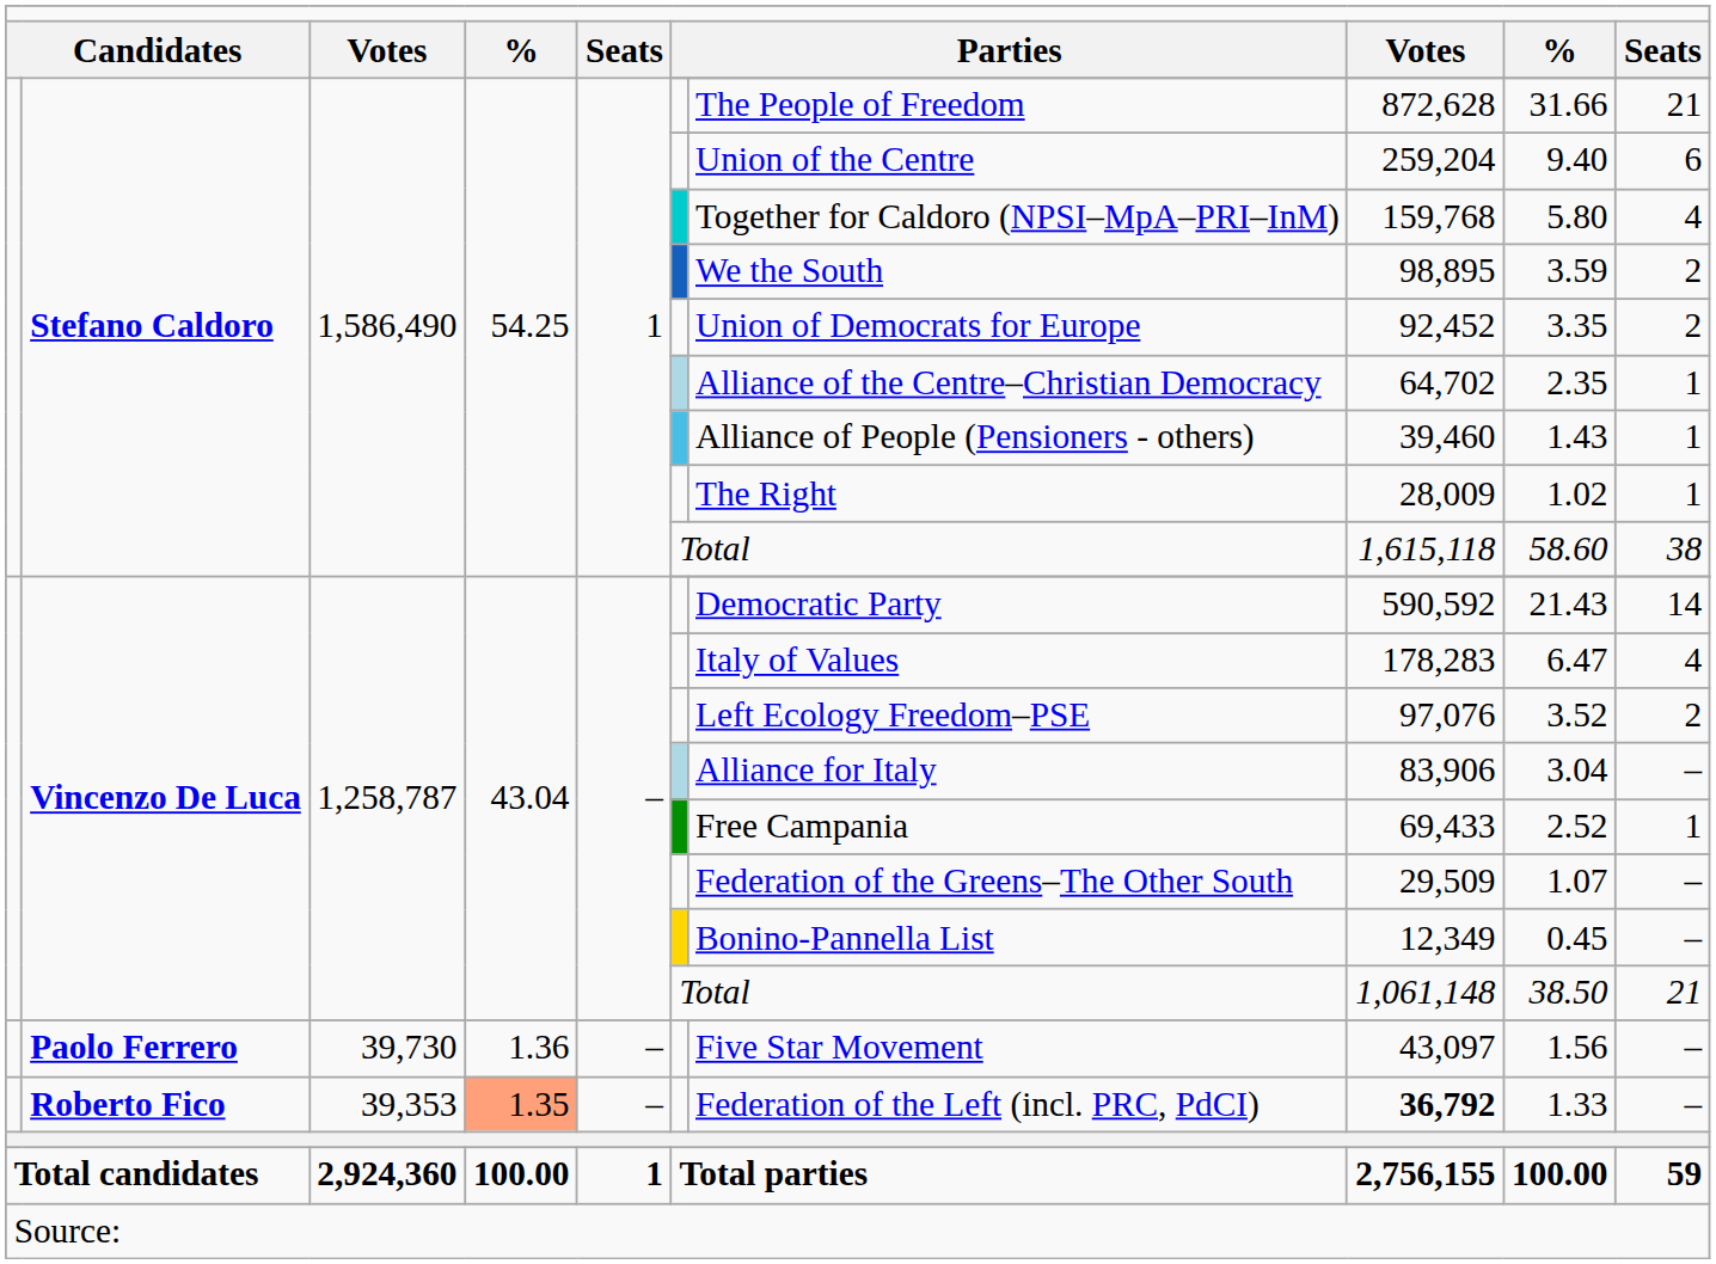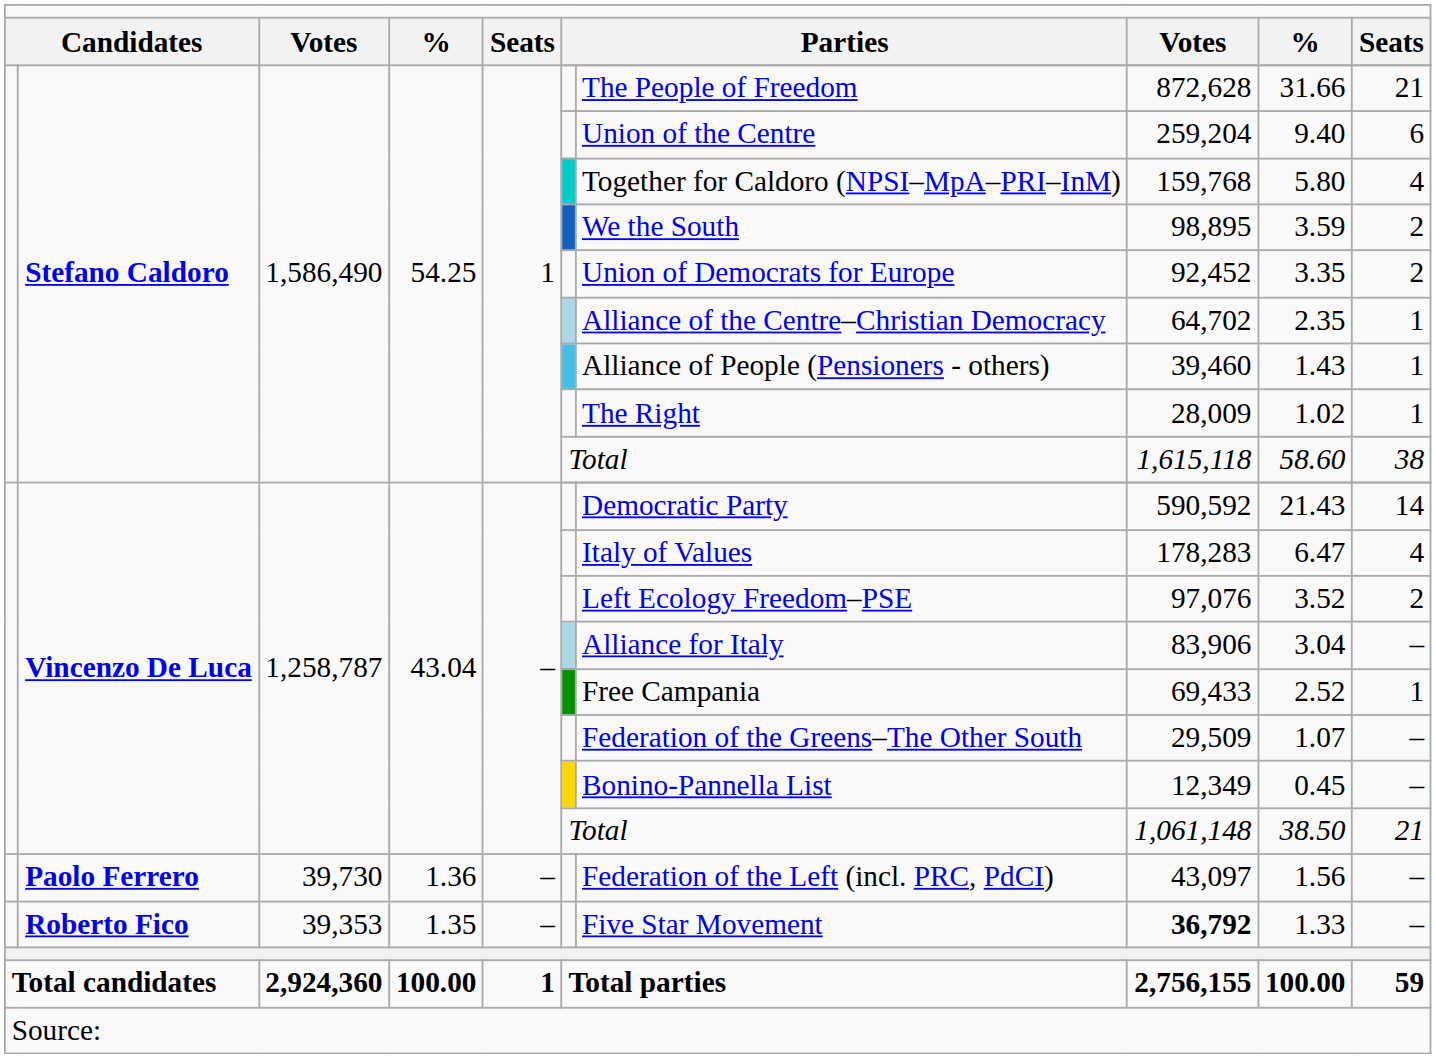 <table class="wikitable">
 <tr>
 <td colspan=10></td>
 </tr>
 <tr>
 <th colspan=2>Candidates</th>
 <th>Votes</th>
 <th>%</th>
 <th>Seats</th>
 <th colspan=2>Parties</th>
 <th>Votes</th>
 <th>%</th>
 <th>Seats</th>
 </tr>
 <tr>
 <td rowspan=10></td>
 <td rowspan=10><strong><a href='#'>Stefano Caldoro</a></strong></td>
 <td rowspan=10 align=right>1,586,490</td>
 <td rowspan=10 align=right>54.25</td>
 <td rowspan=10 align=right>1</td>
 </tr>
 <tr>
 <td></td>
 <td><a href='#'>The People of Freedom</a></td>
 <td align=right>872,628</td>
 <td align=right>31.66</td>
 <td align=right>21</td>
 </tr>
 <tr>
 <td></td>
 <td><a href='#'>Union of the Centre</a></td>
 <td align=right>259,204</td>
 <td align=right>9.40</td>
 <td align=right>6</td>
 </tr>
 <tr>
 <td bgcolor="#00CCCC"></td>
 <td>Together for Caldoro (<a href='#'>NPSI</a>–<a href='#'>MpA</a>–<a href='#'>PRI</a>–<a href='#'>InM</a>)</td>
 <td align=right>159,768</td>
 <td align=right>5.80</td>
 <td align=right>4</td>
 </tr>
 <tr>
 <td bgcolor="#1560BD"></td>
 <td><a href='#'>We the South</a></td>
 <td align=right>98,895</td>
 <td align=right>3.59</td>
 <td align=right>2</td>
 </tr>
 <tr>
 <td></td>
 <td><a href='#'>Union of Democrats for Europe</a></td>
 <td align=right>92,452</td>
 <td align=right>3.35</td>
 <td align=right>2</td>
 </tr>
 <tr>
 <td bgcolor="lightblue"></td>
 <td><a href='#'>Alliance of the Centre</a>–<a href='#'>Christian Democracy</a></td>
 <td align=right>64,702</td>
 <td align=right>2.35</td>
 <td align=right>1</td>
 </tr>
 <tr>
 <td bgcolor="#47BEE5"></td>
 <td>Alliance of People (<a href='#'>Pensioners</a> - others)</td>
 <td align=right>39,460</td>
 <td align=right>1.43</td>
 <td align=right>1</td>
 </tr>
 <tr>
 <td></td>
 <td><a href='#'>The Right</a></td>
 <td align=right>28,009</td>
 <td align=right>1.02</td>
 <td align=right>1</td>
 </tr>
 <tr>
 <td colspan=2><em>Total</em></td>
 <td align=right><em>1,615,118</em></td>
 <td align=right><em>58.60</em></td>
 <td align=right><em>38</em></td>
 </tr>
 <tr>
 <td rowspan=9></td>
 <td rowspan=9><strong><a href='#'>Vincenzo De Luca</a></strong></td>
 <td rowspan=9 align=right>1,258,787</td>
 <td rowspan=9 align=right>43.04</td>
 <td rowspan=9 align=right>–</td>
 </tr>
 <tr>
 <td></td>
 <td><a href='#'>Democratic Party</a></td>
 <td align=right>590,592</td>
 <td align=right>21.43</td>
 <td align=right>14</td>
 </tr>
 <tr>
 <td></td>
 <td><a href='#'>Italy of Values</a></td>
 <td align=right>178,283</td>
 <td align=right>6.47</td>
 <td align=right>4</td>
 </tr>
 <tr>
 <td></td>
 <td><a href='#'>Left Ecology Freedom</a>–<a href='#'>PSE</a></td>
 <td align=right>97,076</td>
 <td align=right>3.52</td>
 <td align=right>2</td>
 </tr>
 <tr>
 <td bgcolor="lightblue"></td>
 <td><a href='#'>Alliance for Italy</a></td>
 <td align=right>83,906</td>
 <td align=right>3.04</td>
 <td align=right>–</td>
 </tr>
 <tr>
 <td bgcolor="#009000"></td>
 <td>Free Campania</td>
 <td align=right>69,433</td>
 <td align=right>2.52</td>
 <td align=right>1</td>
 </tr>
 <tr>
 <td></td>
 <td><a href='#'>Federation of the Greens</a>–<a href='#'>The Other South</a></td>
 <td align=right>29,509</td>
 <td align=right>1.07</td>
 <td align=right>–</td>
 </tr>
 <tr>
 <td bgcolor="gold"></td>
 <td><a href='#'>Bonino-Pannella List</a></td>
 <td align=right>12,349</td>
 <td align=right>0.45</td>
 <td align=right>–</td>
 </tr>
 <tr>
 <td colspan=2><em>Total</em></td>
 <td align=right><em>1,061,148</em></td>
 <td align=right><em>38.50</em></td>
 <td align=right><em>21</em></td>
 </tr>
 <tr>
 <td></td>
 <td><strong><a href='#'>Paolo Ferrero</a></strong></td>
 <td align=right>39,730</td>
 <td align=right>1.36</td>
 <td align=right>–</td>
 <td></td>
-<td><a href='#'>Five Star Movement</a></td>
+<td><a href='#'>Federation of the Left</a> (incl. <a href='#'>PRC</a>, <a href='#'>PdCI</a>)</td>
 <td align=right>43,097</td>
 <td align=right>1.56</td>
 <td align=right>–</td>
 </tr>
 <tr>
 <td></td>
 <td><strong><a href='#'>Roberto Fico</a></strong></td>
 <td align=right>39,353</td>
-<td align=right style="background: lightsalmon;">1.35</td>
+<td align=right>1.35</td>
 <td align=right>–</td>
 <td></td>
-<td><a href='#'>Federation of the Left</a> (incl. <a href='#'>PRC</a>, <a href='#'>PdCI</a>)</td>
+<td><a href='#'>Five Star Movement</a></td>
 <td align=right><strong>36,792</strong></td>
 <td align=right>1.33</td>
 <td align=right>–</td>
 </tr>
 <tr>
 <th colspan=10></th>
 </tr>
 <tr>
 <td colspan=2><strong>Total candidates</strong></td>
 <td align=right><strong>2,924,360</strong></td>
 <td align=right><strong>100.00</strong></td>
 <td align=right><strong>1</strong></td>
 <td colspan=2><strong>Total parties</strong></td>
 <td align=right><strong>2,756,155</strong></td>
 <td align=right><strong>100.00</strong></td>
 <td align=right><strong>59</strong></td>
 </tr>
 <tr>
 <td colspan=10>Source: </td>
 </tr>
 </table>
